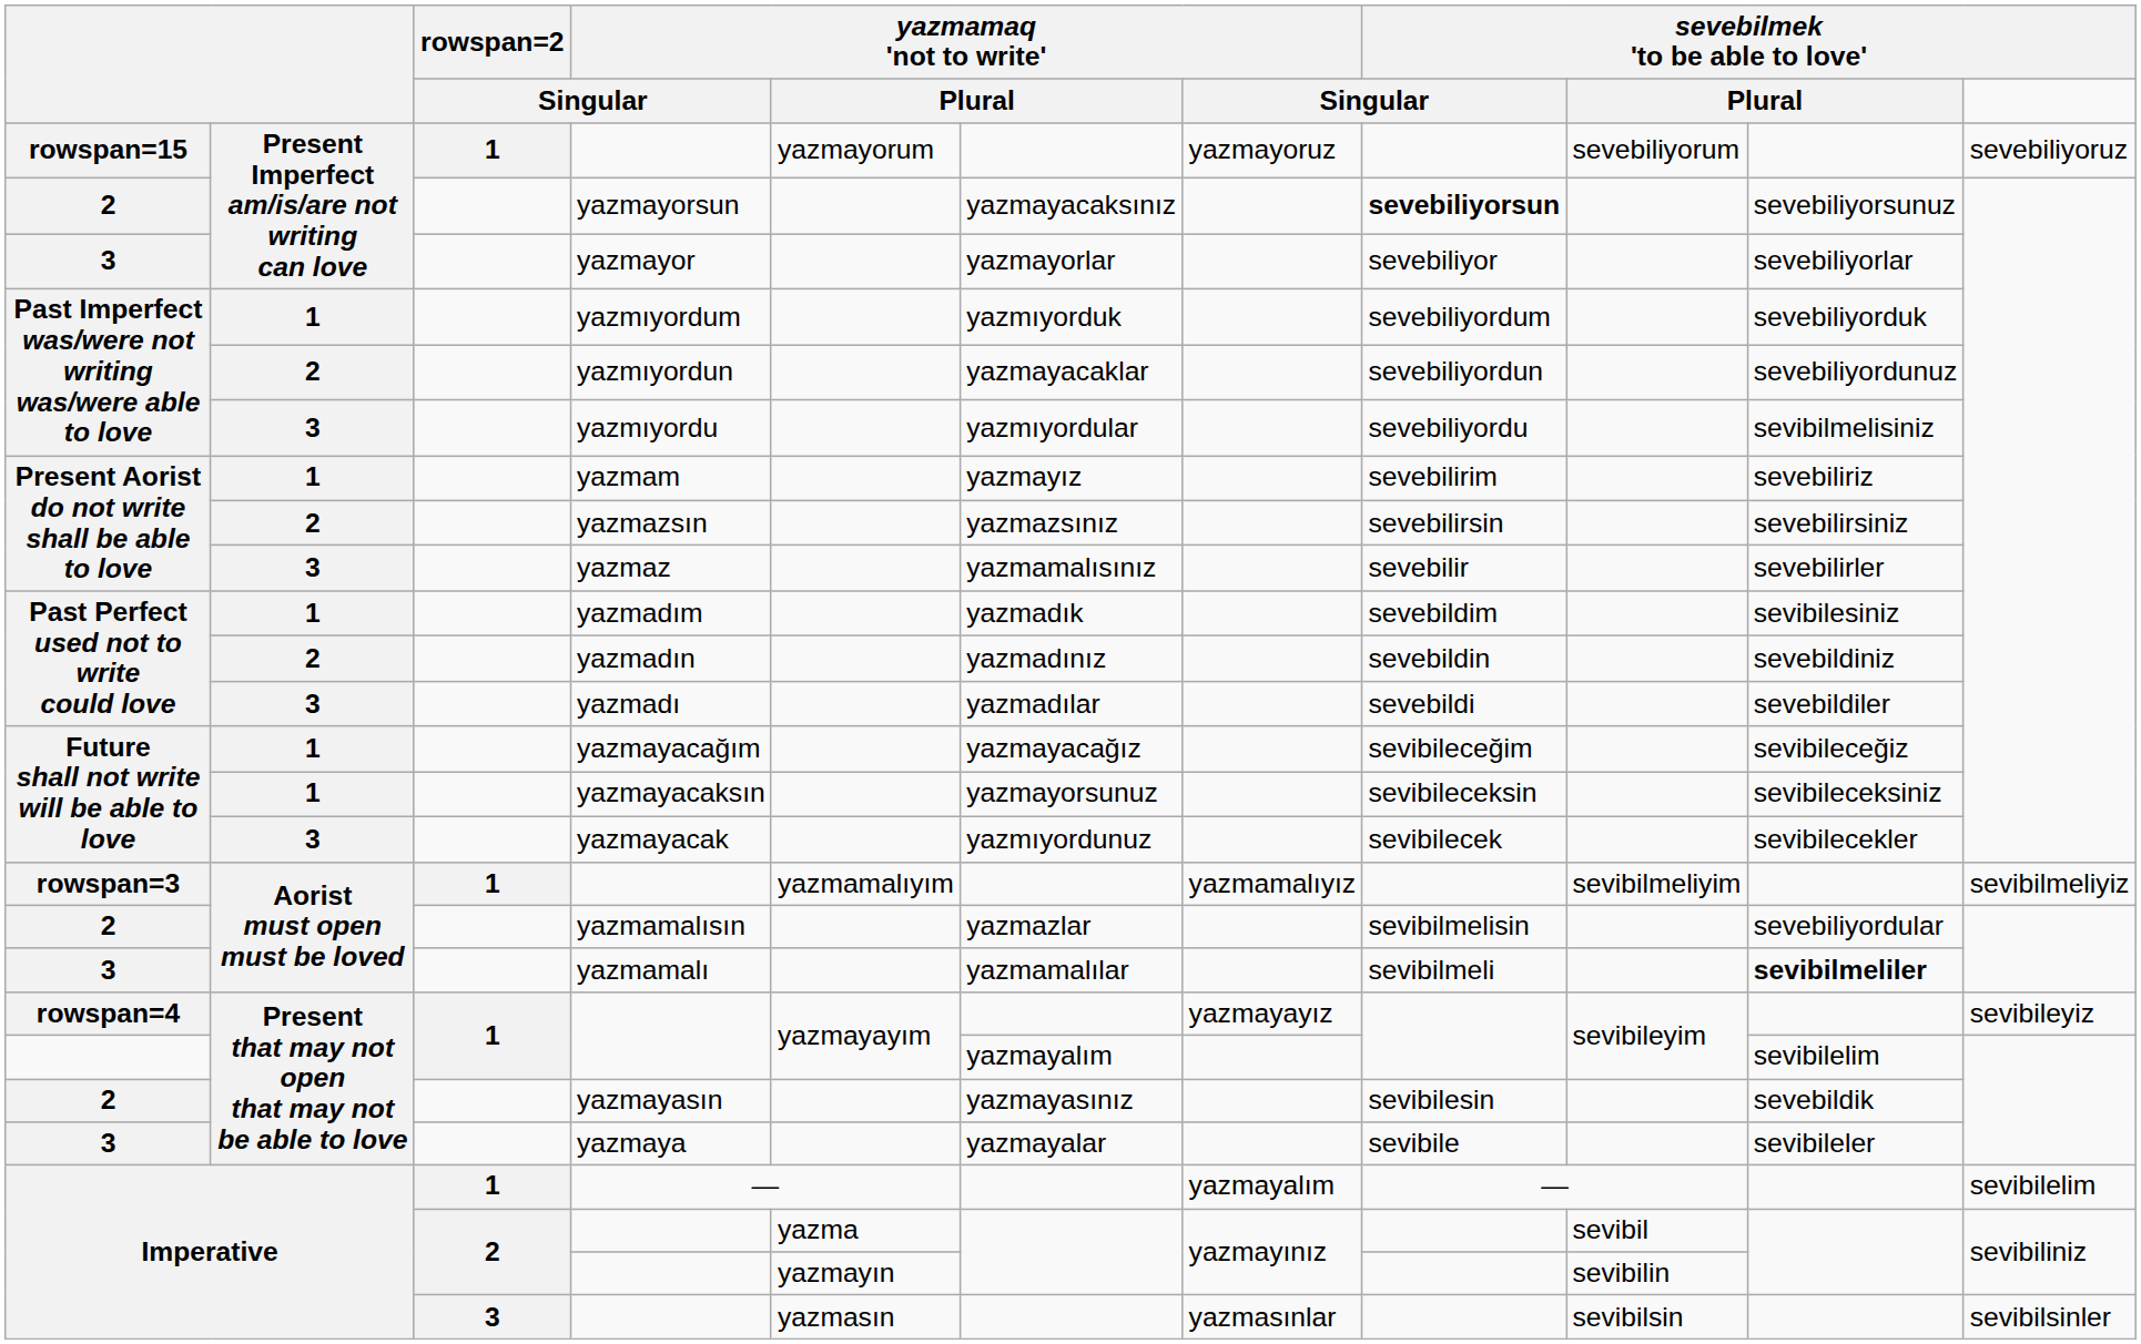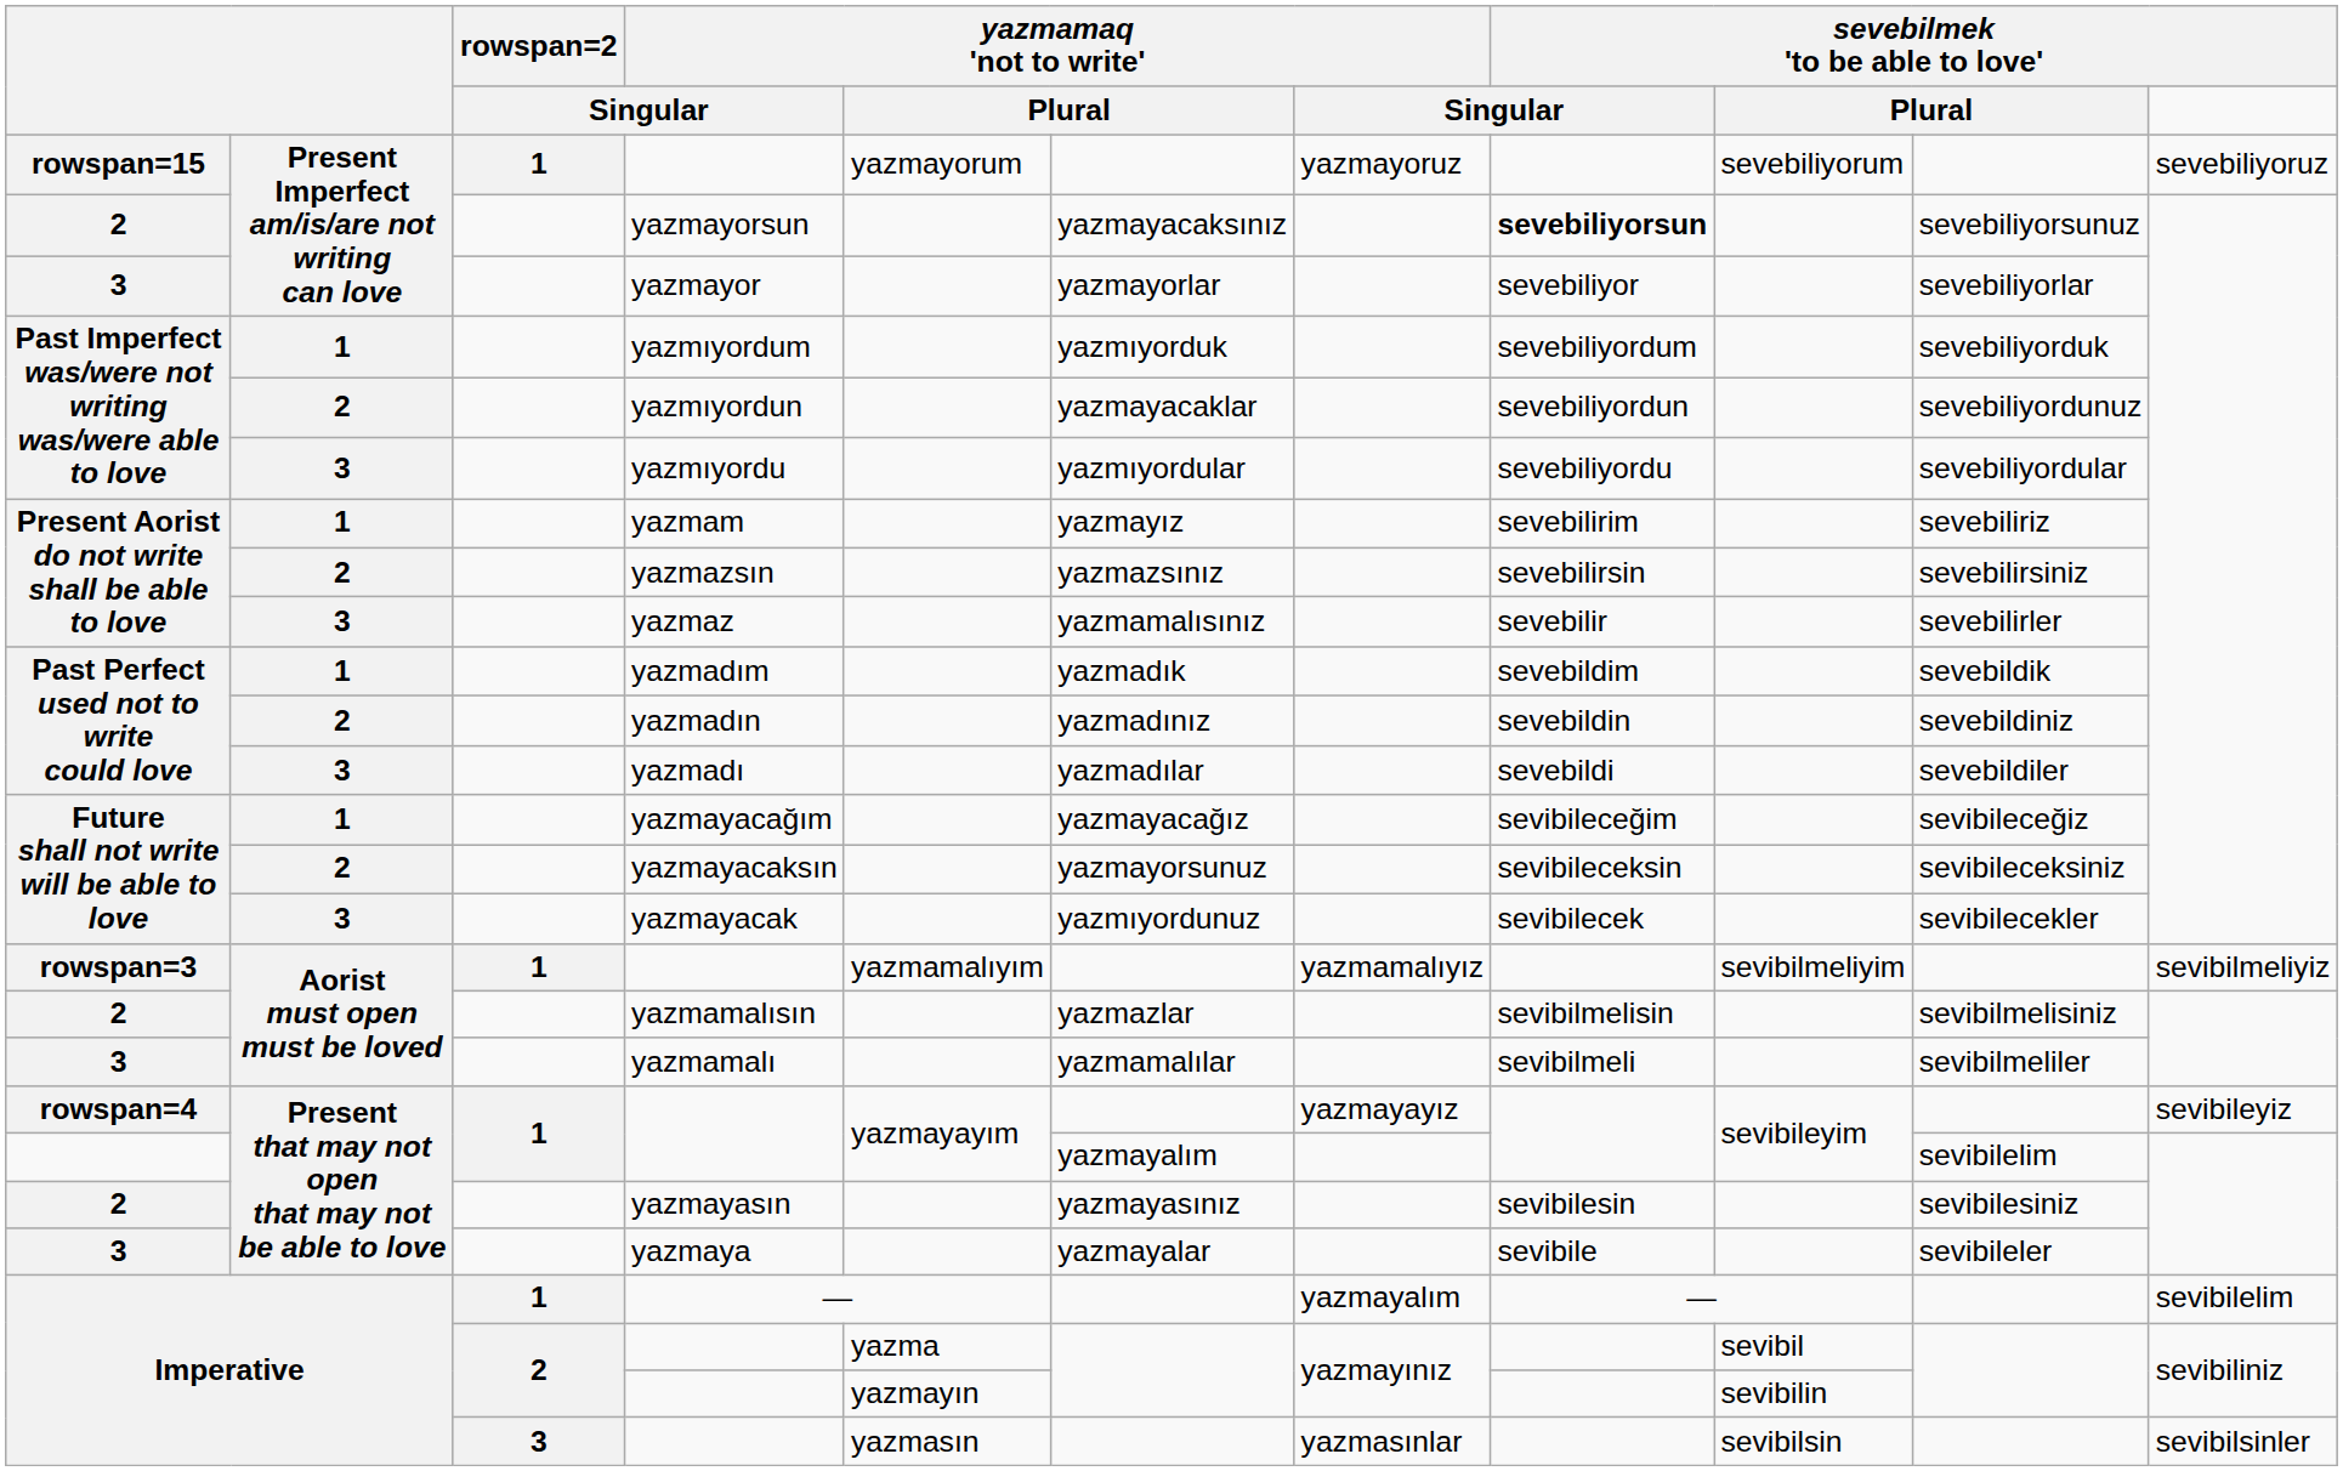 <table class="wikitable">
 <tr>
 <th rowspan=2 colspan=2></th>
 <th>rowspan=2 </th>
 <th colspan=4> <em>yazmamaq</em><br>'not to write'</th>
 <th colspan=4> <em>sevebilmek</em><br>'to be able to love'</th>
 </tr>
 <tr>
 <th colspan=2>Singular</th>
 <th colspan=2>Plural</th>
 <th colspan=2>Singular</th>
 <th colspan=2>Plural</th>
 </tr>
 <tr>
 <th>rowspan=15 </th>
 <th rowspan=3>Present Imperfect<br><em>am/is/are not writing</em><br><em>can love</em></th>
 <th>1</th>
 <td></td>
 <td>yazmayorum</td>
 <td></td>
 <td>yazmayoruz</td>
 <td></td>
 <td>sevebiliyorum</td>
 <td></td>
 <td>sevebiliyoruz</td>
 </tr>
 <tr>
 <th>2</th>
 <td></td>
 <td>yazmayorsun</td>
 <td></td>
 <td>yazmayacaksınız</td>
 <td></td>
 <td><strong>sevebiliyorsun</strong></td>
 <td></td>
 <td>sevebiliyorsunuz</td>
 </tr>
 <tr>
 <th>3</th>
 <td></td>
 <td>yazmayor</td>
 <td></td>
 <td>yazmayorlar</td>
 <td></td>
 <td>sevebiliyor</td>
 <td></td>
 <td>sevebiliyorlar</td>
 </tr>
 <tr>
 <th rowspan=3>Past Imperfect<br><em>was/were not writing</em><br><em>was/were able to love</em></th>
 <th>1</th>
 <td></td>
 <td>yazmıyordum</td>
 <td></td>
 <td>yazmıyorduk</td>
 <td></td>
 <td>sevebiliyordum</td>
 <td></td>
 <td>sevebiliyorduk</td>
 </tr>
 <tr>
 <th>2</th>
 <td></td>
 <td>yazmıyordun</td>
 <td></td>
 <td>yazmayacaklar</td>
 <td></td>
 <td>sevebiliyordun</td>
 <td></td>
 <td>sevebiliyordunuz</td>
 </tr>
 <tr>
 <th>3</th>
 <td></td>
 <td>yazmıyordu</td>
 <td></td>
 <td>yazmıyordular</td>
 <td></td>
 <td>sevebiliyordu</td>
 <td></td>
-<td>sevibilmelisiniz</td>
+<td>sevebiliyordular</td>
 </tr>
 <tr>
 <th rowspan=3>Present Aorist<br><em>do not write</em><br><em>shall be able to love</em></th>
 <th>1</th>
 <td></td>
 <td>yazmam</td>
 <td></td>
 <td>yazmayız</td>
 <td></td>
 <td>sevebilirim</td>
 <td></td>
 <td>sevebiliriz</td>
 </tr>
 <tr>
 <th>2</th>
 <td></td>
 <td>yazmazsın</td>
 <td></td>
 <td>yazmazsınız</td>
 <td></td>
 <td>sevebilirsin</td>
 <td></td>
 <td>sevebilirsiniz</td>
 </tr>
 <tr>
 <th>3</th>
 <td></td>
 <td>yazmaz</td>
 <td></td>
 <td>yazmamalısınız</td>
 <td></td>
 <td>sevebilir</td>
 <td></td>
 <td>sevebilirler</td>
 </tr>
 <tr>
 <th rowspan=3>Past Perfect<br><em>used not to write</em><br><em>could love</em></th>
 <th>1</th>
 <td></td>
 <td>yazmadım</td>
 <td></td>
 <td>yazmadık</td>
 <td></td>
 <td>sevebildim</td>
 <td></td>
-<td>sevibilesiniz</td>
+<td>sevebildik</td>
 </tr>
 <tr>
 <th>2</th>
 <td></td>
 <td>yazmadın</td>
 <td></td>
 <td>yazmadınız</td>
 <td></td>
 <td>sevebildin</td>
 <td></td>
 <td>sevebildiniz</td>
 </tr>
 <tr>
 <th>3</th>
 <td></td>
 <td>yazmadı</td>
 <td></td>
 <td>yazmadılar</td>
 <td></td>
 <td>sevebildi</td>
 <td></td>
 <td>sevebildiler</td>
 </tr>
 <tr>
 <th rowspan=3>Future<br><em>shall not write</em><br><em>will be able to love</em></th>
 <th>1</th>
 <td></td>
 <td>yazmayacağım</td>
 <td></td>
 <td>yazmayacağız</td>
 <td></td>
 <td>sevibileceğim</td>
 <td></td>
 <td>sevibileceğiz</td>
 </tr>
 <tr>
-<th>1</th>
+<th>2</th>
 <td></td>
 <td>yazmayacaksın</td>
 <td></td>
 <td>yazmayorsunuz</td>
 <td></td>
 <td>sevibileceksin</td>
 <td></td>
 <td>sevibileceksiniz</td>
 </tr>
 <tr>
 <th>3</th>
 <td></td>
 <td>yazmayacak</td>
 <td></td>
 <td>yazmıyordunuz</td>
 <td></td>
 <td>sevibilecek</td>
 <td></td>
 <td>sevibilecekler</td>
 </tr>
 <tr>
 <th>rowspan=3 </th>
 <th rowspan=3>Aorist<br><em>must open</em><br><em>must be loved</em></th>
 <th>1</th>
 <td></td>
 <td>yazmamalıyım</td>
 <td></td>
 <td>yazmamalıyız</td>
 <td></td>
 <td>sevibilmeliyim</td>
 <td></td>
 <td>sevibilmeliyiz</td>
 </tr>
 <tr>
 <th>2</th>
 <td></td>
 <td>yazmamalısın</td>
 <td></td>
 <td>yazmazlar</td>
 <td></td>
 <td>sevibilmelisin</td>
 <td></td>
-<td>sevebiliyordular</td>
+<td>sevibilmelisiniz</td>
 </tr>
 <tr>
 <th>3</th>
 <td></td>
 <td>yazmamalı</td>
 <td></td>
 <td>yazmamalılar</td>
 <td></td>
 <td>sevibilmeli</td>
 <td></td>
-<td><strong>sevibilmeliler</strong></td>
+<td>sevibilmeliler</td>
 </tr>
 <tr>
 <th>rowspan=4 </th>
 <th rowspan=4>Present<br><em>that may not open</em><br><em>that may not be able to love</em></th>
 <th rowspan=2>1</th>
 <td rowspan=2></td>
 <td rowspan=2>yazmayayım</td>
 <td></td>
 <td>yazmayayız</td>
 <td rowspan=2></td>
 <td rowspan=2>sevibileyim</td>
 <td></td>
 <td>sevibileyiz</td>
 </tr>
 <tr>
 <td></td>
 <td>yazmayalım</td>
 <td></td>
 <td>sevibilelim</td>
 </tr>
 <tr>
 <th>2</th>
 <td></td>
 <td>yazmayasın</td>
 <td></td>
 <td>yazmayasınız</td>
 <td></td>
 <td>sevibilesin</td>
 <td></td>
-<td>sevebildik</td>
+<td>sevibilesiniz</td>
 </tr>
 <tr>
 <th>3</th>
 <td></td>
 <td>yazmaya</td>
 <td></td>
 <td>yazmayalar</td>
 <td></td>
 <td>sevibile</td>
 <td></td>
 <td>sevibileler</td>
 </tr>
 <tr>
 <th rowspan=4 colspan=2>Imperative</th>
 <th>1</th>
 <td colspan=2 align=center>—</td>
 <td></td>
 <td>yazmayalım</td>
 <td colspan=2 align=center>—</td>
 <td></td>
 <td>sevibilelim</td>
 </tr>
 <tr>
 <th rowspan=2>2</th>
 <td></td>
 <td>yazma</td>
 <td rowspan=2></td>
 <td rowspan=2>yazmayınız</td>
 <td></td>
 <td>sevibil</td>
 <td rowspan=2></td>
 <td rowspan=2>sevibiliniz</td>
 </tr>
 <tr>
 <td></td>
 <td>yazmayın</td>
 <td></td>
 <td>sevibilin</td>
 </tr>
 <tr>
 <th>3</th>
 <td></td>
 <td>yazmasın</td>
 <td></td>
 <td>yazmasınlar</td>
 <td></td>
 <td>sevibilsin</td>
 <td></td>
 <td>sevibilsinler</td>
 </tr>
 </table>
